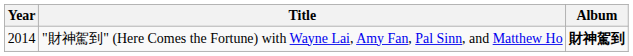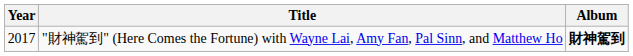 <table class="wikitable sortable">
 <tr>
 <th>Year</th>
 <th>Title</th>
 <th>Album</th>
 </tr>
 <tr>
-<td>2014</td>
+<td>2017</td>
 <td>"財神駕到" (Here Comes the Fortune) with <a href='#'>Wayne Lai</a>, <a href='#'>Amy Fan</a>, <a href='#'>Pal Sinn</a>, and <a href='#'>Matthew Ho</a></td>
 <td><strong> 財神駕到</strong></td>
 </tr>
 </table>
